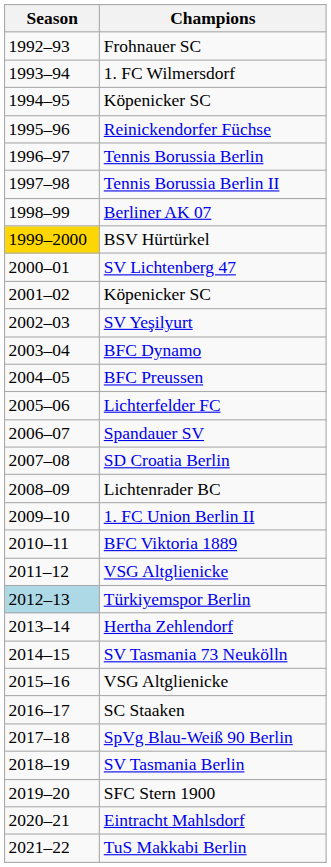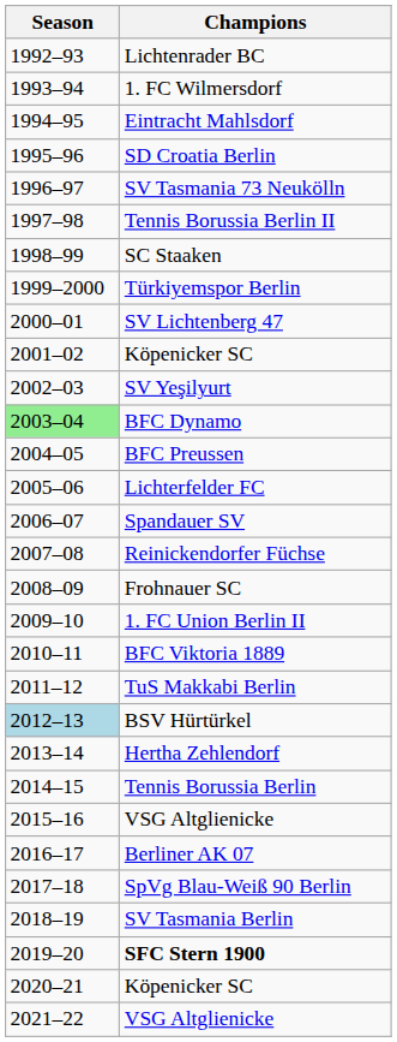 <table class="wikitable">
 <tr style="text-align:center; background:#dfdfdf;">
 <th width="80">Season</th>
 <th style="width:200px;">Champions</th>
 </tr>
 <tr>
 <td>1992–93</td>
-<td>Frohnauer SC</td>
+<td>Lichtenrader BC</td>
 </tr>
 <tr>
 <td>1993–94</td>
 <td>1. FC Wilmersdorf</td>
 </tr>
 <tr>
 <td>1994–95</td>
-<td>Köpenicker SC</td>
+<td><a href='#'>Eintracht Mahlsdorf</a></td>
 </tr>
 <tr>
 <td>1995–96</td>
-<td><a href='#'>Reinickendorfer Füchse</a></td>
+<td><a href='#'>SD Croatia Berlin</a></td>
 </tr>
 <tr>
 <td>1996–97</td>
-<td><a href='#'>Tennis Borussia Berlin</a></td>
+<td><a href='#'>SV Tasmania 73 Neukölln</a></td>
 </tr>
 <tr>
 <td>1997–98</td>
 <td><a href='#'>Tennis Borussia Berlin II</a></td>
 </tr>
 <tr>
 <td>1998–99</td>
-<td><a href='#'>Berliner AK 07</a></td>
+<td>SC Staaken</td>
 </tr>
 <tr>
-<td style="background: gold;">1999–2000</td>
-<td>BSV Hürtürkel</td>
+<td>1999–2000</td>
+<td><a href='#'>Türkiyemspor Berlin</a></td>
 </tr>
 <tr>
 <td>2000–01</td>
 <td><a href='#'>SV Lichtenberg 47</a></td>
 </tr>
 <tr>
 <td>2001–02</td>
 <td>Köpenicker SC</td>
 </tr>
 <tr>
 <td>2002–03</td>
 <td><a href='#'>SV Yeşilyurt</a></td>
 </tr>
 <tr>
-<td>2003–04</td>
+<td style="background: lightgreen;">2003–04</td>
 <td><a href='#'>BFC Dynamo</a></td>
 </tr>
 <tr>
 <td>2004–05</td>
 <td><a href='#'>BFC Preussen</a></td>
 </tr>
 <tr>
 <td>2005–06</td>
 <td><a href='#'>Lichterfelder FC</a></td>
 </tr>
 <tr>
 <td>2006–07</td>
 <td><a href='#'>Spandauer SV</a></td>
 </tr>
 <tr>
 <td>2007–08</td>
-<td><a href='#'>SD Croatia Berlin</a></td>
+<td><a href='#'>Reinickendorfer Füchse</a></td>
 </tr>
 <tr>
 <td>2008–09</td>
-<td>Lichtenrader BC</td>
+<td>Frohnauer SC</td>
 </tr>
 <tr>
 <td>2009–10</td>
 <td><a href='#'>1. FC Union Berlin II</a></td>
 </tr>
 <tr>
 <td>2010–11</td>
 <td><a href='#'>BFC Viktoria 1889</a></td>
 </tr>
 <tr>
 <td>2011–12</td>
-<td><a href='#'>VSG Altglienicke</a></td>
+<td><a href='#'>TuS Makkabi Berlin</a></td>
 </tr>
 <tr>
 <td style="background: lightblue;">2012–13</td>
-<td><a href='#'>Türkiyemspor Berlin</a></td>
+<td>BSV Hürtürkel</td>
 </tr>
 <tr>
 <td>2013–14</td>
 <td><a href='#'>Hertha Zehlendorf</a></td>
 </tr>
 <tr>
 <td>2014–15</td>
-<td><a href='#'>SV Tasmania 73 Neukölln</a></td>
+<td><a href='#'>Tennis Borussia Berlin</a></td>
 </tr>
 <tr>
 <td>2015–16</td>
 <td>VSG Altglienicke</td>
 </tr>
 <tr>
 <td>2016–17</td>
-<td>SC Staaken</td>
+<td><a href='#'>Berliner AK 07</a></td>
 </tr>
 <tr>
 <td>2017–18</td>
 <td><a href='#'>SpVg Blau-Weiß 90 Berlin</a></td>
 </tr>
 <tr>
 <td>2018–19</td>
 <td><a href='#'>SV Tasmania Berlin</a></td>
 </tr>
 <tr>
 <td>2019–20</td>
-<td>SFC Stern 1900</td>
+<td><strong>SFC Stern 1900</strong></td>
 </tr>
 <tr>
 <td>2020–21</td>
-<td><a href='#'>Eintracht Mahlsdorf</a></td>
+<td>Köpenicker SC</td>
 </tr>
 <tr>
 <td>2021–22</td>
-<td><a href='#'>TuS Makkabi Berlin</a></td>
+<td><a href='#'>VSG Altglienicke</a></td>
 </tr>
 </table>
